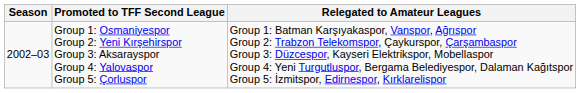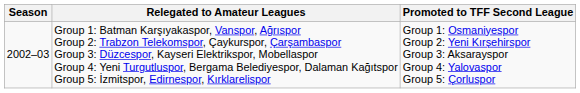 <table class="wikitable">
 <tr>
 <th>Season</th>
+<th>Relegated to Amateur Leagues</th>
 <th>Promoted to TFF Second League</th>
-<th>Relegated to Amateur Leagues</th>
 </tr>
 <tr>
 <td>2002–03</td>
+<td>Group 1: Batman Karşıyakaspor, <a href='#'>Vanspor</a>, <a href='#'>Ağrıspor</a><br>Group 2: <a href='#'>Trabzon Telekomspor</a>, Çaykurspor, <a href='#'>Çarşambaspor</a><br>Group 3: <a href='#'>Düzcespor</a>, Kayseri Elektrikspor, Mobellaspor<br>Group 4: Yeni <a href='#'>Turgutluspor</a>, Bergama Belediyespor, Dalaman Kağıtspor<br>Group 5: İzmitspor, <a href='#'>Edirnespor</a>, <a href='#'>Kırklarelispor</a></td>
 <td>Group 1: <a href='#'>Osmaniyespor</a><br>Group 2: <a href='#'>Yeni Kırşehirspor</a><br>Group 3: Aksarayspor<br>Group 4: <a href='#'>Yalovaspor</a><br>Group 5: <a href='#'>Çorluspor</a></td>
-<td>Group 1: Batman Karşıyakaspor, <a href='#'>Vanspor</a>, <a href='#'>Ağrıspor</a><br>Group 2: <a href='#'>Trabzon Telekomspor</a>, Çaykurspor, <a href='#'>Çarşambaspor</a><br>Group 3: <a href='#'>Düzcespor</a>, Kayseri Elektrikspor, Mobellaspor<br>Group 4: Yeni <a href='#'>Turgutluspor</a>, Bergama Belediyespor, Dalaman Kağıtspor<br>Group 5: İzmitspor, <a href='#'>Edirnespor</a>, <a href='#'>Kırklarelispor</a></td>
 </tr>
 </table>
